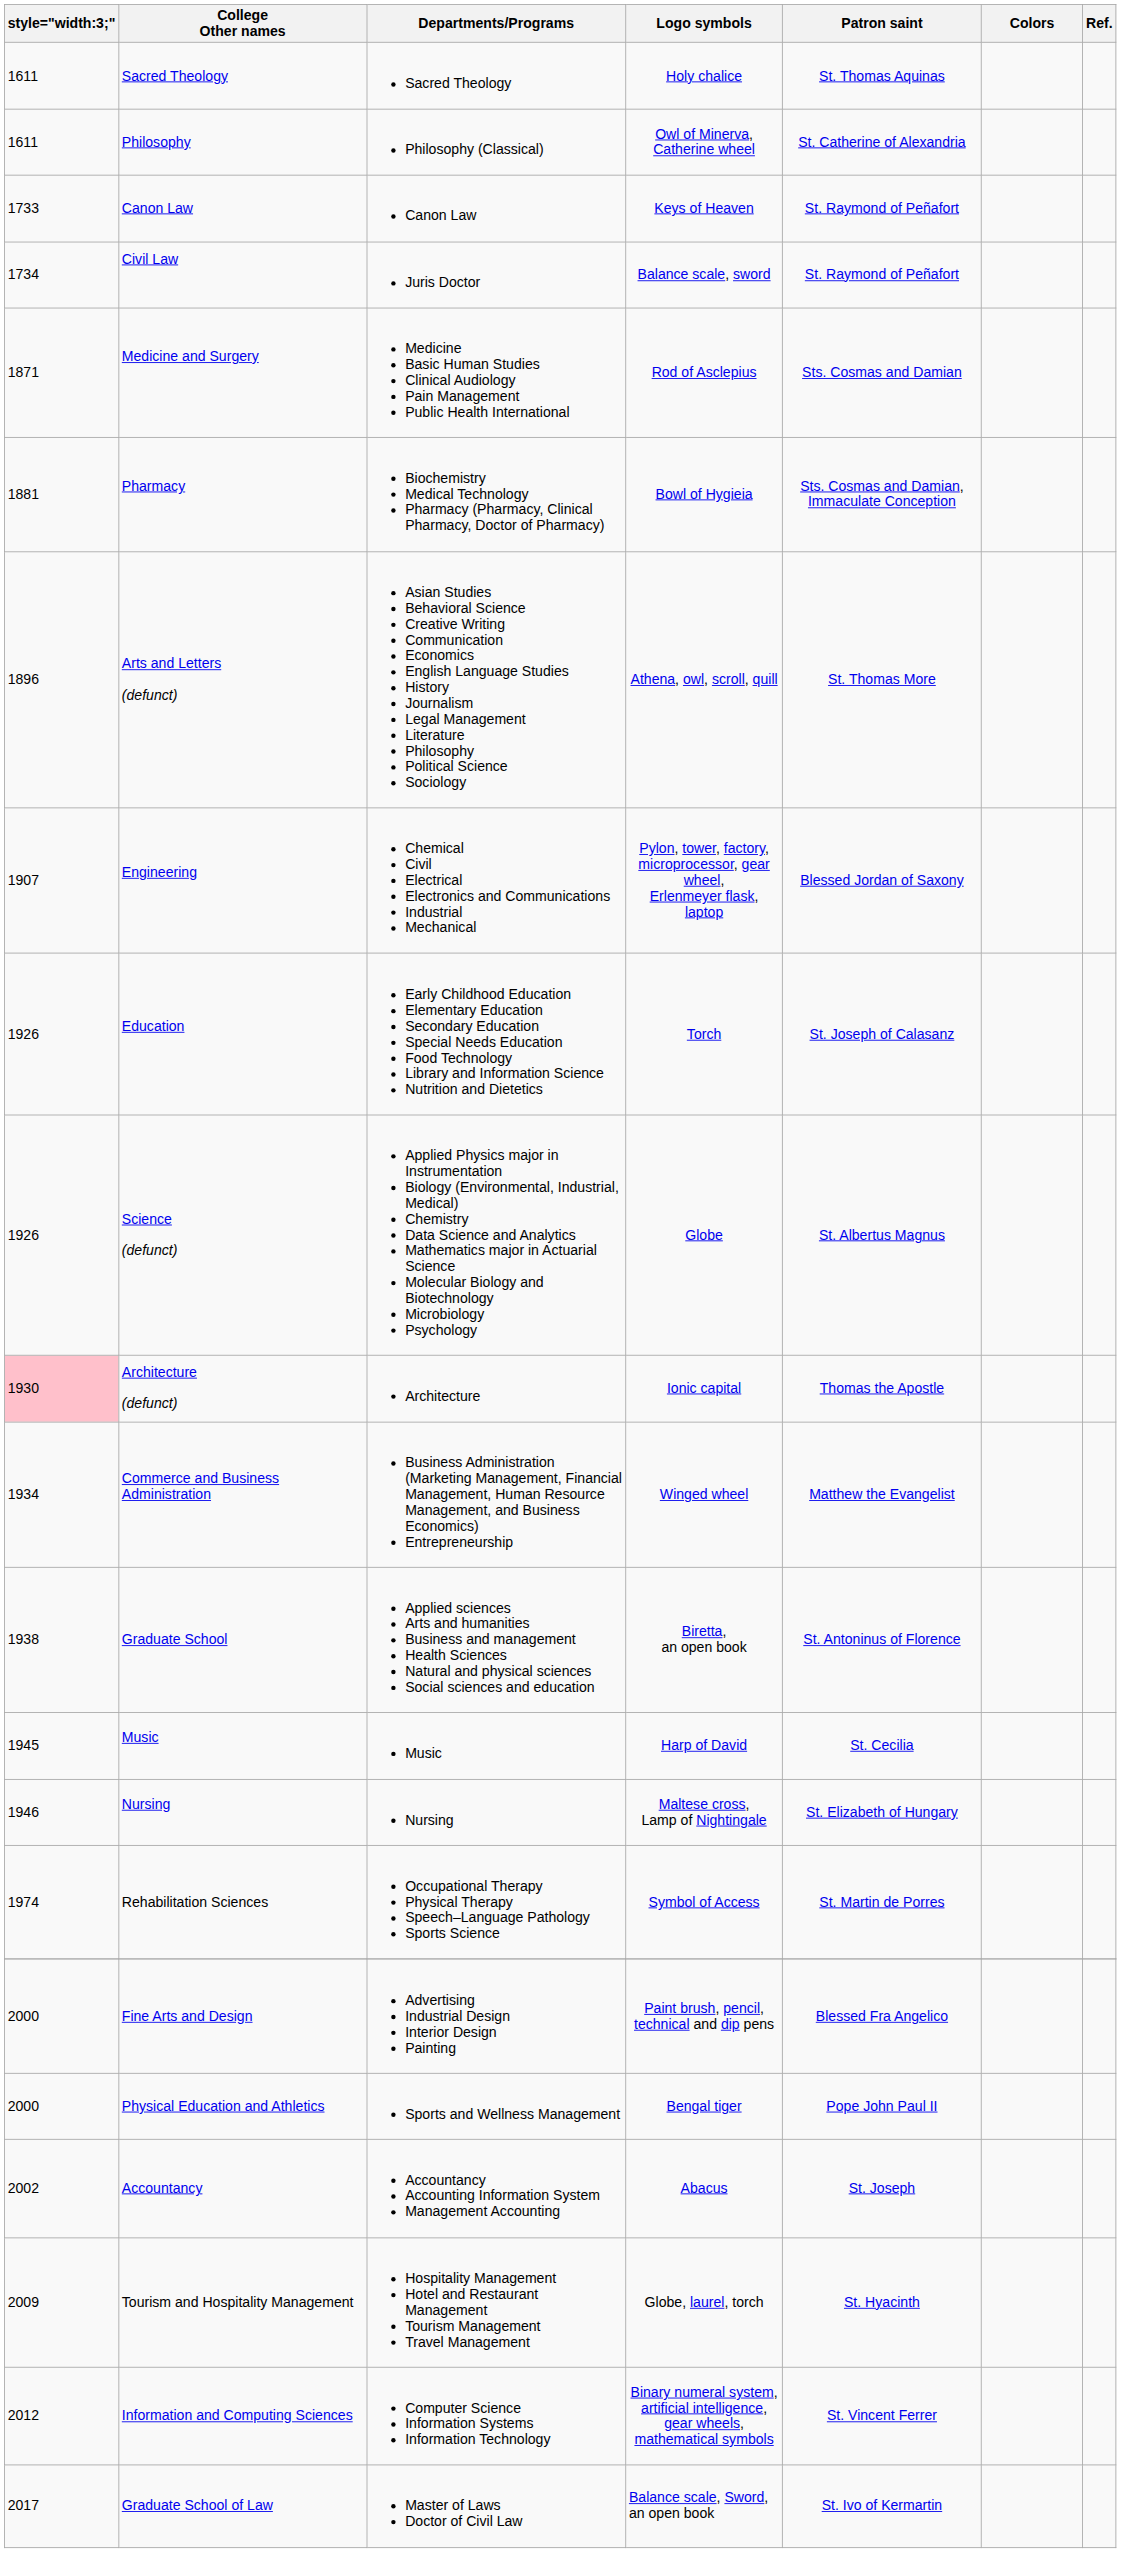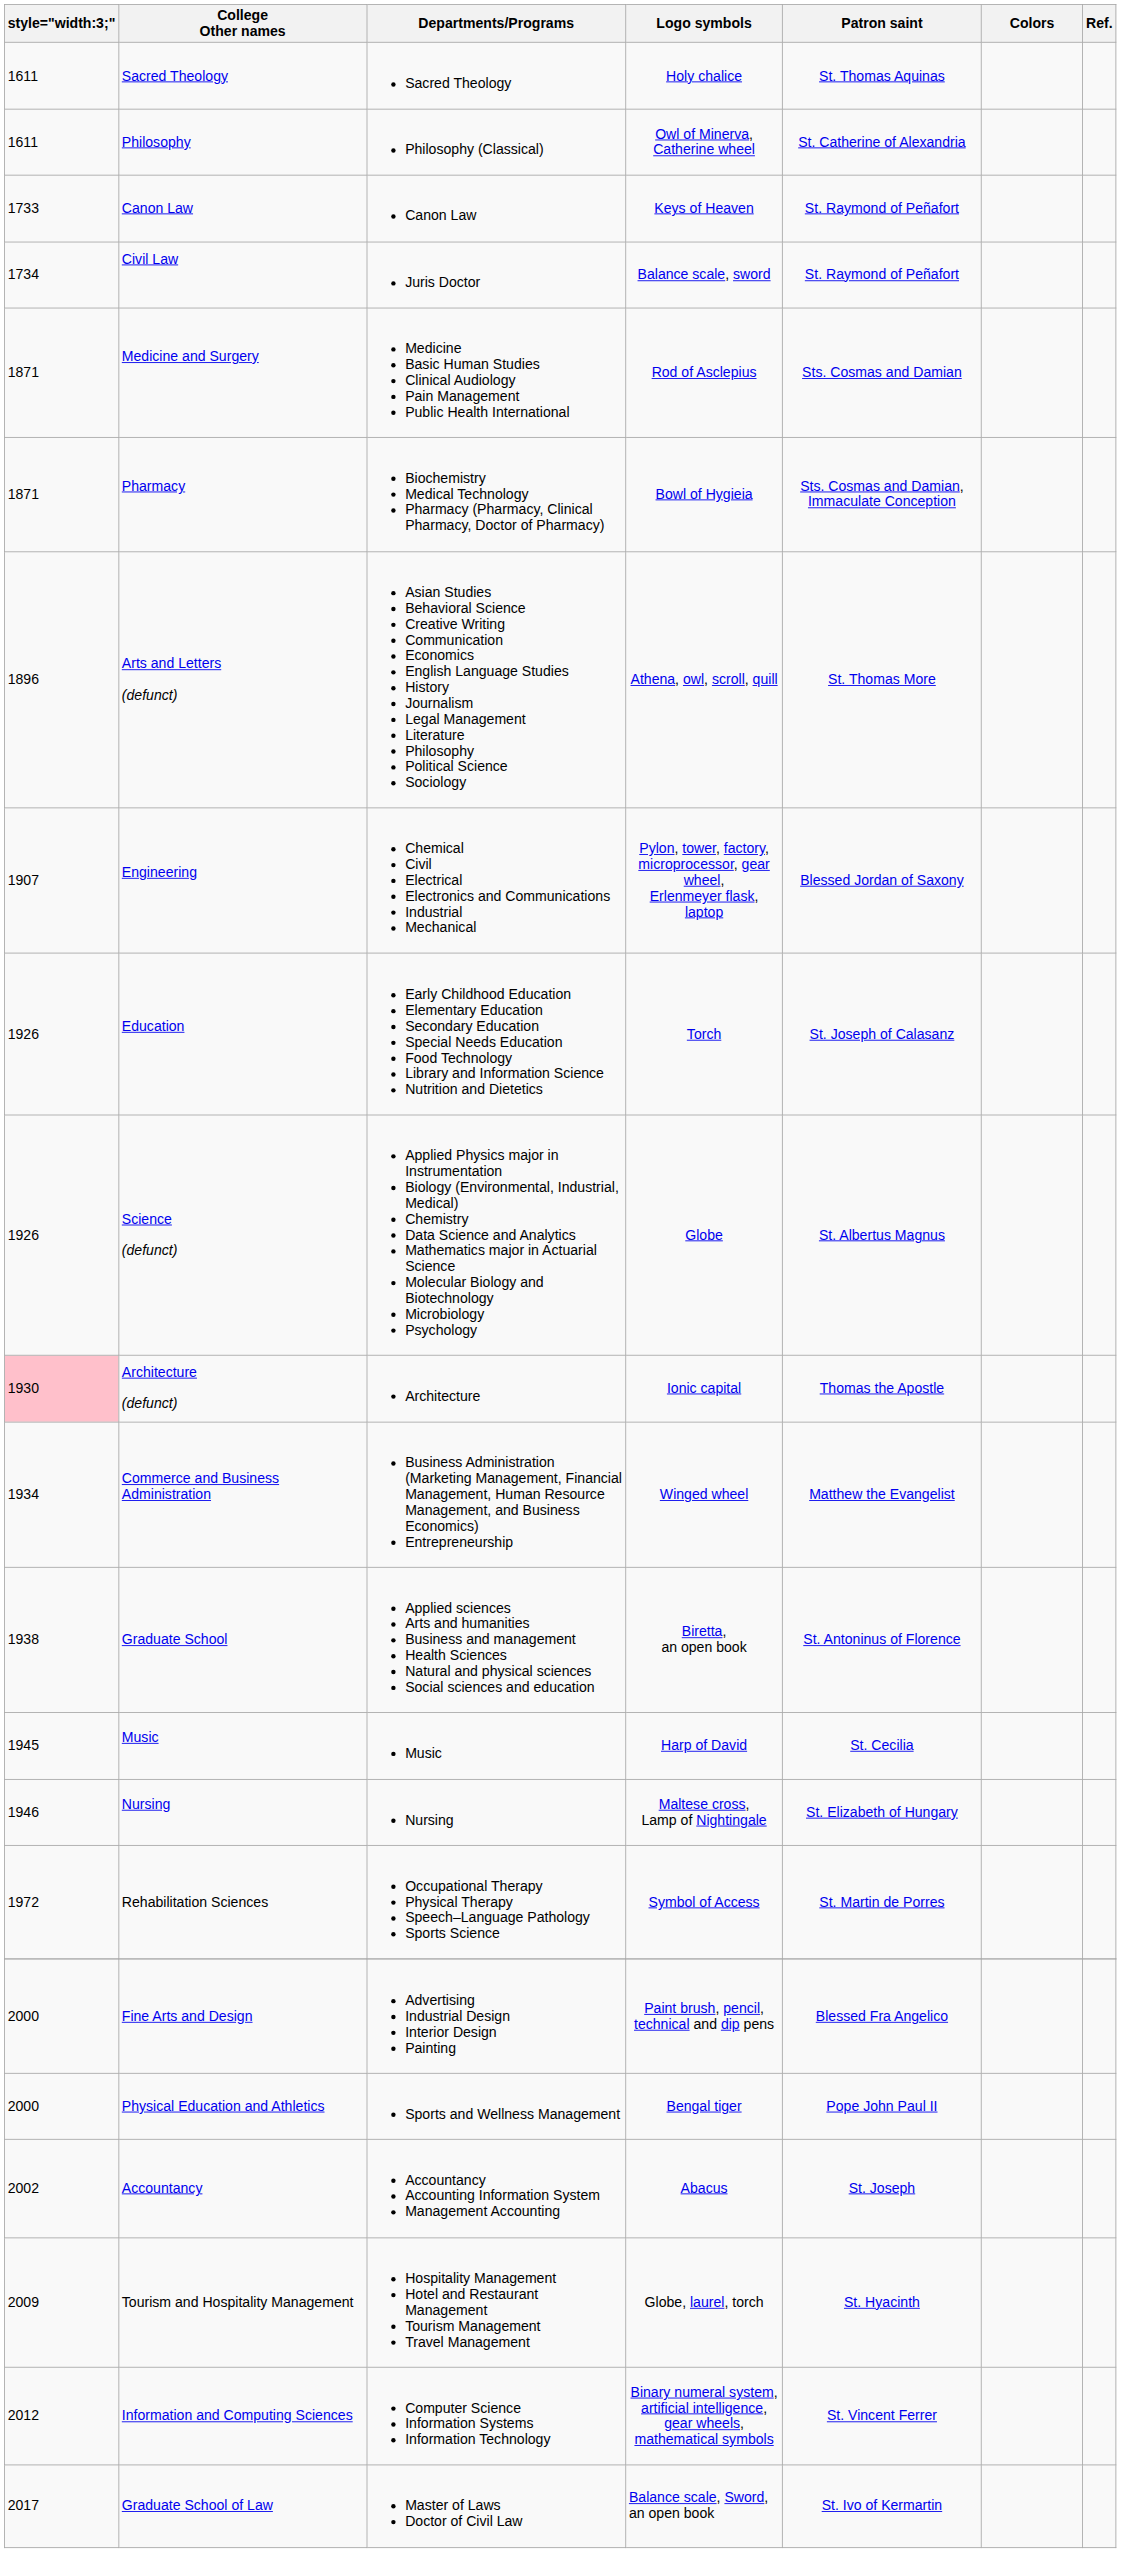 <table class="wikitable sortable" width="100%">
 <tr>
 <th>style="width:3;" </th>
 <th style="width:25%;">College <br> Other names</th>
 <th style="width:25%;" class="unsortable">Departments/Programs</th>
 <th style="width:15%;">Logo symbols</th>
 <th style="width:20%;">Patron saint</th>
 <th style="width:10%;">Colors</th>
 <th style="width:2%;" class="unsortable">Ref.</th>
 </tr>
 <tr>
 <td>1611</td>
 <td><a href='#'>Sacred Theology</a> <br> </td>
 <td><br><ul><li>Sacred Theology</li></ul></td>
 <td align="center"><a href='#'>Holy chalice</a></td>
 <td align="center"><a href='#'>St. Thomas Aquinas</a></td>
 <td align="center"></td>
 <td align="center"><br></td>
 </tr>
 <tr>
 <td>1611</td>
 <td><a href='#'>Philosophy</a> <br> </td>
 <td><br><ul><li>Philosophy (Classical)</li></ul></td>
 <td align="center"><a href='#'>Owl of Minerva</a>, <br> <a href='#'>Catherine wheel</a></td>
 <td align="center"><a href='#'>St. Catherine of Alexandria</a></td>
 <td></td>
 <td align="center"></td>
 </tr>
 <tr>
 <td>1733</td>
 <td><a href='#'>Canon Law</a> <br> </td>
 <td><br><ul><li>Canon Law</li></ul></td>
 <td align="center"><a href='#'>Keys of Heaven</a></td>
 <td align="center"><a href='#'>St. Raymond of Peñafort</a></td>
 <td></td>
 <td align="center"></td>
 </tr>
 <tr>
 <td>1734</td>
 <td><a href='#'>Civil Law</a> <br>  <br>  <br> </td>
 <td><br><ul><li>Juris Doctor</li></ul></td>
 <td align="center"><a href='#'>Balance scale</a>, <a href='#'>sword</a></td>
 <td align="center"><a href='#'>St. Raymond of Peñafort</a></td>
 <td></td>
 <td align="center"><br></td>
 </tr>
 <tr>
 <td>1871</td>
 <td><a href='#'>Medicine and Surgery</a> <br>  <br>  <br> </td>
 <td><br><ul><li>Medicine</li><li>Basic Human Studies</li><li>Clinical Audiology</li><li>Pain Management</li><li>Public Health International</li></ul></td>
 <td align="center"><a href='#'>Rod of Asclepius</a></td>
 <td align="center"><a href='#'>Sts. Cosmas and Damian</a></td>
 <td></td>
 <td align="center"><br></td>
 </tr>
 <tr>
-<td>1881</td>
+<td>1871</td>
 <td><a href='#'>Pharmacy</a> <br>  <br> </td>
 <td><br><ul><li>Biochemistry</li><li>Medical Technology</li><li>Pharmacy (Pharmacy, Clinical Pharmacy, Doctor of Pharmacy)</li></ul></td>
 <td align="center"><a href='#'>Bowl of Hygieia</a></td>
 <td align="center"><a href='#'>Sts. Cosmas and Damian</a>, <br> <a href='#'>Immaculate Conception</a></td>
 <td></td>
 <td align="center"><br></td>
 </tr>
 <tr>
 <td>1896</td>
 <td><a href='#'>Arts and Letters</a> <br>  <br>  <em>(defunct)</em></td>
 <td><br><ul><li>Asian Studies</li><li>Behavioral Science</li><li>Creative Writing</li><li>Communication</li><li>Economics</li><li>English Language Studies</li><li>History</li><li>Journalism</li><li>Legal Management</li><li>Literature</li><li>Philosophy</li><li>Political Science</li><li>Sociology</li></ul></td>
 <td align="center"><a href='#'>Athena</a>, <a href='#'>owl</a>, <a href='#'>scroll</a>, <a href='#'>quill</a></td>
 <td align="center"><a href='#'>St. Thomas More</a></td>
 <td></td>
 <td align="center"></td>
 </tr>
 <tr>
 <td>1907</td>
 <td><a href='#'>Engineering</a> <br>  <br> </td>
 <td><br><ul><li>Chemical</li><li>Civil</li><li>Electrical</li><li>Electronics and Communications</li><li>Industrial</li><li>Mechanical</li></ul></td>
 <td align="center"><a href='#'>Pylon</a>, <a href='#'>tower</a>, <a href='#'>factory</a>, <br><a href='#'>microprocessor</a>, <a href='#'>gear wheel</a>, <br><a href='#'>Erlenmeyer flask</a>, <a href='#'>laptop</a></td>
 <td align="center"><a href='#'>Blessed Jordan of Saxony</a></td>
 <td></td>
 <td align="center"></td>
 </tr>
 <tr>
 <td>1926</td>
 <td><a href='#'>Education</a> <br>  <br> </td>
 <td><br><ul><li>Early Childhood Education</li><li>Elementary Education</li><li>Secondary Education</li><li>Special Needs Education</li><li>Food Technology</li><li>Library and Information Science</li><li>Nutrition and Dietetics</li></ul></td>
 <td align="center"><a href='#'>Torch</a></td>
 <td align="center"><a href='#'>St. Joseph of Calasanz</a></td>
 <td></td>
 <td align="center"></td>
 </tr>
 <tr>
 <td>1926</td>
 <td><a href='#'>Science</a> <br>  <br>  <em>(defunct)</em></td>
 <td><br><ul><li>Applied Physics major in Instrumentation</li><li>Biology (Environmental, Industrial, Medical)</li><li>Chemistry</li><li>Data Science and Analytics</li><li>Mathematics major in Actuarial Science</li><li>Molecular Biology and Biotechnology</li><li>Microbiology</li><li>Psychology</li></ul></td>
 <td align="center"><a href='#'>Globe</a></td>
 <td align="center"><a href='#'>St. Albertus Magnus</a></td>
 <td></td>
 <td align="center"></td>
 </tr>
 <tr>
 <td style="background: pink;">1930</td>
 <td><a href='#'>Architecture</a> <br>   <br>  <em>(defunct)</em></td>
 <td><br><ul><li>Architecture</li></ul></td>
 <td align="center"><a href='#'>Ionic capital</a></td>
 <td align="center"><a href='#'>Thomas the Apostle</a></td>
 <td></td>
 <td align="center"><br></td>
 </tr>
 <tr>
 <td>1934</td>
 <td><a href='#'>Commerce and Business Administration</a> <br>  <br> </td>
 <td><br><ul><li>Business Administration (Marketing Management, Financial Management, Human Resource Management, and Business Economics)</li><li>Entrepreneurship</li></ul></td>
 <td align="center"><a href='#'>Winged wheel</a></td>
 <td align="center"><a href='#'>Matthew the Evangelist</a></td>
 <td></td>
 <td align="center"></td>
 </tr>
 <tr>
 <td>1938</td>
 <td><a href='#'>Graduate School</a> <br> </td>
 <td><br><ul><li>Applied sciences</li><li>Arts and humanities</li><li>Business and management</li><li>Health Sciences</li><li>Natural and physical sciences</li><li>Social sciences and education</li></ul></td>
 <td align="center"><a href='#'>Biretta</a>, <br> an open book</td>
 <td align="center"><a href='#'>St. Antoninus of Florence</a></td>
 <td></td>
 <td align="center"></td>
 </tr>
 <tr>
 <td>1945</td>
 <td><a href='#'>Music</a> <br>   <br> </td>
 <td><br><ul><li>Music</li></ul></td>
 <td align="center"><a href='#'>Harp of David</a></td>
 <td align="center"><a href='#'>St. Cecilia</a></td>
 <td></td>
 <td align="center"><br></td>
 </tr>
 <tr>
 <td>1946</td>
 <td><a href='#'>Nursing</a> <br>  <br> </td>
 <td><br><ul><li>Nursing</li></ul></td>
 <td align="center"><a href='#'>Maltese cross</a>, <br> Lamp of <a href='#'>Nightingale</a></td>
 <td align="center"><a href='#'>St. Elizabeth of Hungary</a></td>
 <td></td>
 <td align="center"></td>
 </tr>
 <tr>
-<td>1974</td>
+<td>1972</td>
 <td>Rehabilitation Sciences <br> </td>
 <td><br><ul><li>Occupational Therapy</li><li>Physical Therapy</li><li>Speech–Language Pathology</li><li>Sports Science</li></ul></td>
 <td align="center"><a href='#'>Symbol of Access</a></td>
 <td align="center"><a href='#'>St. Martin de Porres</a></td>
 <td></td>
 <td align="center"></td>
 </tr>
 <tr>
 </tr>
 <tr>
 <td>2000</td>
 <td><a href='#'>Fine Arts and Design</a> <br> </td>
 <td><br><ul><li>Advertising</li><li>Industrial Design</li><li>Interior Design</li><li>Painting</li></ul></td>
 <td align="center"><a href='#'>Paint brush</a>, <a href='#'>pencil</a>,<br> <a href='#'>technical</a> and <a href='#'>dip</a> pens</td>
 <td align="center"><a href='#'>Blessed Fra Angelico</a></td>
 <td></td>
 <td align="center"></td>
 </tr>
 <tr>
 <td>2000</td>
 <td><a href='#'>Physical Education and Athletics</a> <br> </td>
 <td><br><ul><li>Sports and Wellness Management</li></ul></td>
 <td align="center"><a href='#'>Bengal tiger</a></td>
 <td align="center"><a href='#'>Pope John Paul II</a></td>
 <td></td>
 <td align="center"></td>
 </tr>
 <tr>
 <td>2002</td>
 <td><a href='#'>Accountancy</a> <br> </td>
 <td><br><ul><li>Accountancy</li><li>Accounting Information System</li><li>Management Accounting</li></ul></td>
 <td align="center"><a href='#'>Abacus</a></td>
 <td align="center"><a href='#'>St. Joseph</a></td>
 <td></td>
 <td align="center"></td>
 </tr>
 <tr>
 <td>2009</td>
 <td>Tourism and Hospitality Management <br> </td>
 <td><br><ul><li>Hospitality Management</li><li>Hotel and Restaurant Management</li><li>Tourism Management</li><li>Travel Management</li></ul></td>
 <td align="center">Globe, <a href='#'>laurel</a>, torch</td>
 <td align="center"><a href='#'>St. Hyacinth</a></td>
 <td></td>
 <td align="center"></td>
 </tr>
 <tr>
 <td>2012</td>
 <td><a href='#'>Information and Computing Sciences</a> <br> </td>
 <td><br><ul><li>Computer Science</li><li>Information Systems</li><li>Information Technology</li></ul></td>
 <td align="center"><a href='#'>Binary numeral system</a>, <a href='#'>artificial intelligence</a>, <a href='#'>gear wheels</a>, <a href='#'>mathematical symbols</a></td>
 <td align="center"><a href='#'>St. Vincent Ferrer</a></td>
 <td></td>
 <td align="center"></td>
 </tr>
 <tr>
 <td>2017</td>
 <td><a href='#'>Graduate School of Law</a> <br> </td>
 <td><br><ul><li>Master of Laws</li><li>Doctor of Civil Law</li></ul></td>
 <td><a href='#'>Balance scale</a>, <a href='#'>Sword</a>, an open book</td>
 <td align="center"><a href='#'>St. Ivo of Kermartin</a></td>
 <td></td>
 <td align="center"></td>
 </tr>
 </table>
